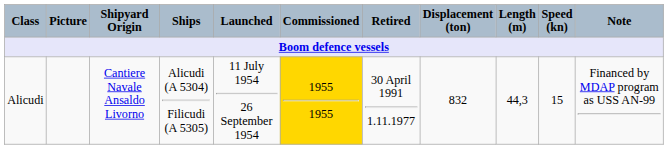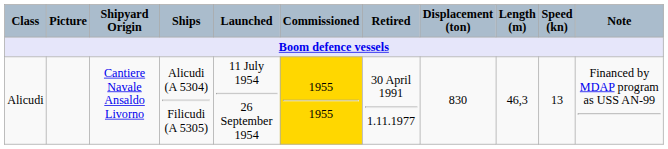 <table class="wikitable" style="text-align:center;">
 <tr>
 <th style="text-align: central; background: #aabccc;">Class</th>
 <th style="text-align: central; background: #aabccc;">Picture</th>
 <th style="text-align: central; background: #aabccc;">Shipyard<br>Origin</th>
 <th style="text-align: central; background: #aabccc;">Ships</th>
 <th style="text-align: central; background: #aabccc;">Launched</th>
 <th style="text-align: central; background: #aabccc;">Commissioned</th>
 <th style="text-align: central; background: #aabccc;">Retired</th>
 <th style="text-align: central; background: #aabccc;">Displacement<br>(ton)</th>
 <th style="text-align: central; background: #aabccc;">Length<br>(m)</th>
 <th style="text-align: central; background: #aabccc;">Speed<br>(kn)</th>
 <th style="text-align: central; background: #aabccc;">Note</th>
 </tr>
 <tr>
 <th style="align: center; background: lavender;" colspan="11"><strong><a href='#'>Boom defence vessels</a></strong></th>
 </tr>
 <tr>
 <td>Alicudi </td>
 <td></td>
 <td><a href='#'>Cantiere Navale Ansaldo</a><br><a href='#'>Livorno</a><br><br></td>
 <td>Alicudi (A 5304) <hr>Filicudi (A 5305) </td>
 <td>11 July 1954<hr>26 September 1954</td>
 <td style="background: gold;">1955<hr>1955</td>
 <td>30 April 1991<hr>1.11.1977</td>
-<td>832</td>
-<td>44,3</td>
-<td>15</td>
+<td>830</td>
+<td>46,3</td>
+<td>13</td>
 <td>Financed by <a href='#'>MDAP</a> program as USS AN-99<hr> <br></td>
 </tr>
 </table>
